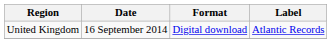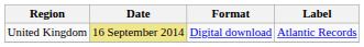 <table class=wikitable>
 <tr>
 <th>Region</th>
 <th>Date</th>
 <th>Format</th>
 <th>Label</th>
 </tr>
 <tr>
 <td>United Kingdom</td>
-<td>16 September 2014</td>
+<td style="background: khaki;">16 September 2014</td>
 <td><a href='#'>Digital download</a></td>
 <td><a href='#'>Atlantic Records</a></td>
 </tr>
 <tr>
 </tr>
 </table>
